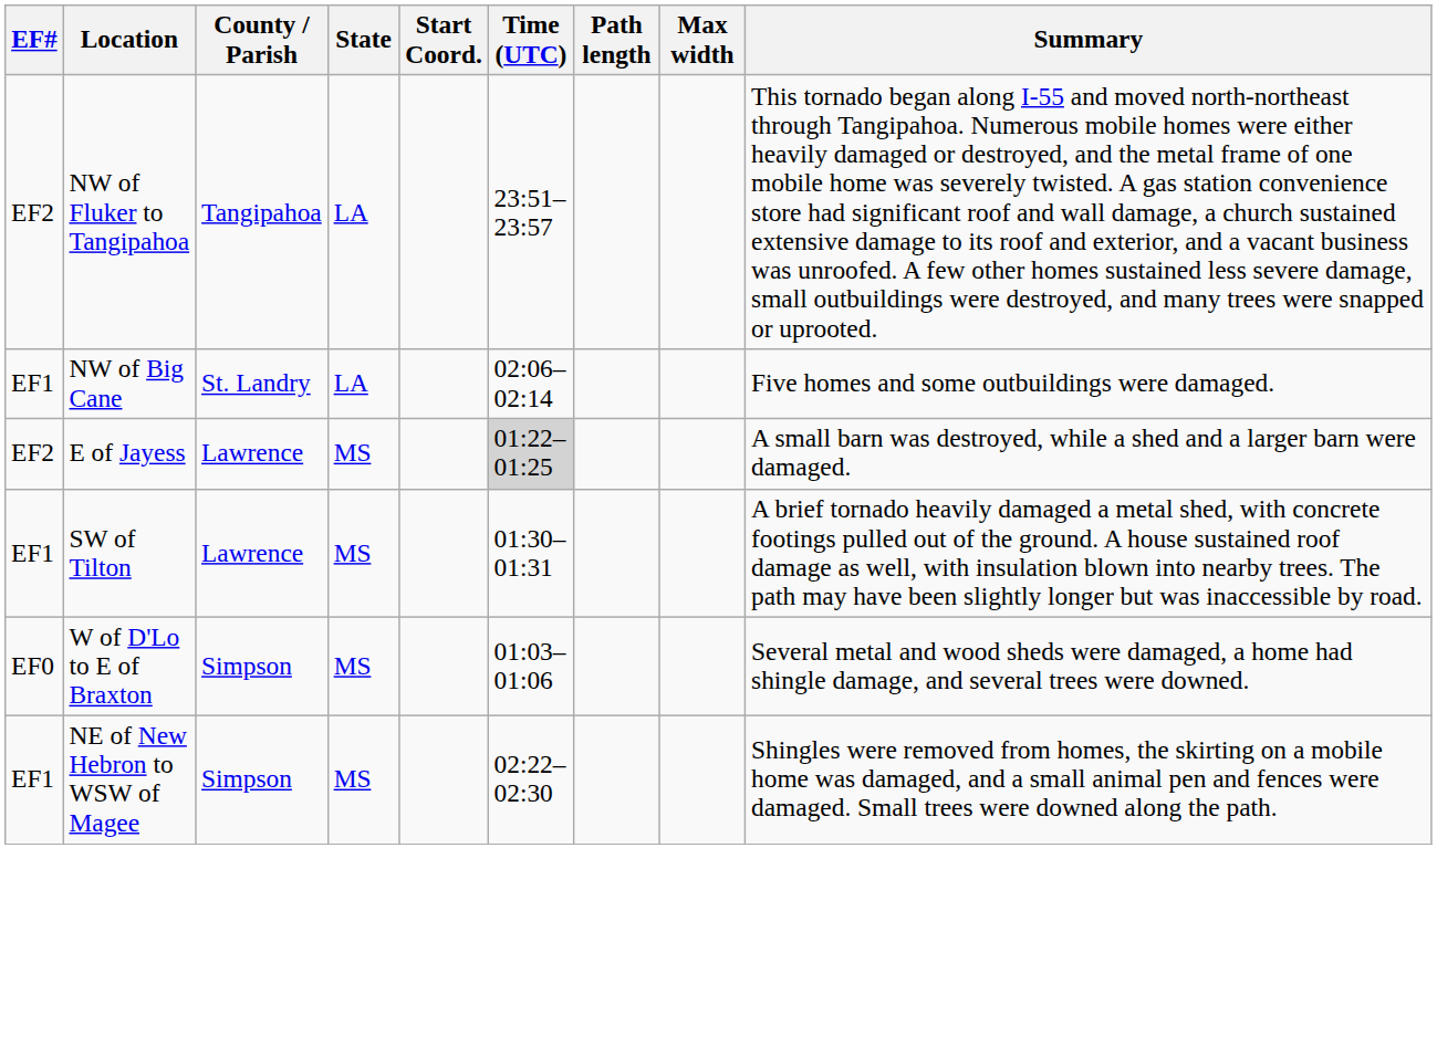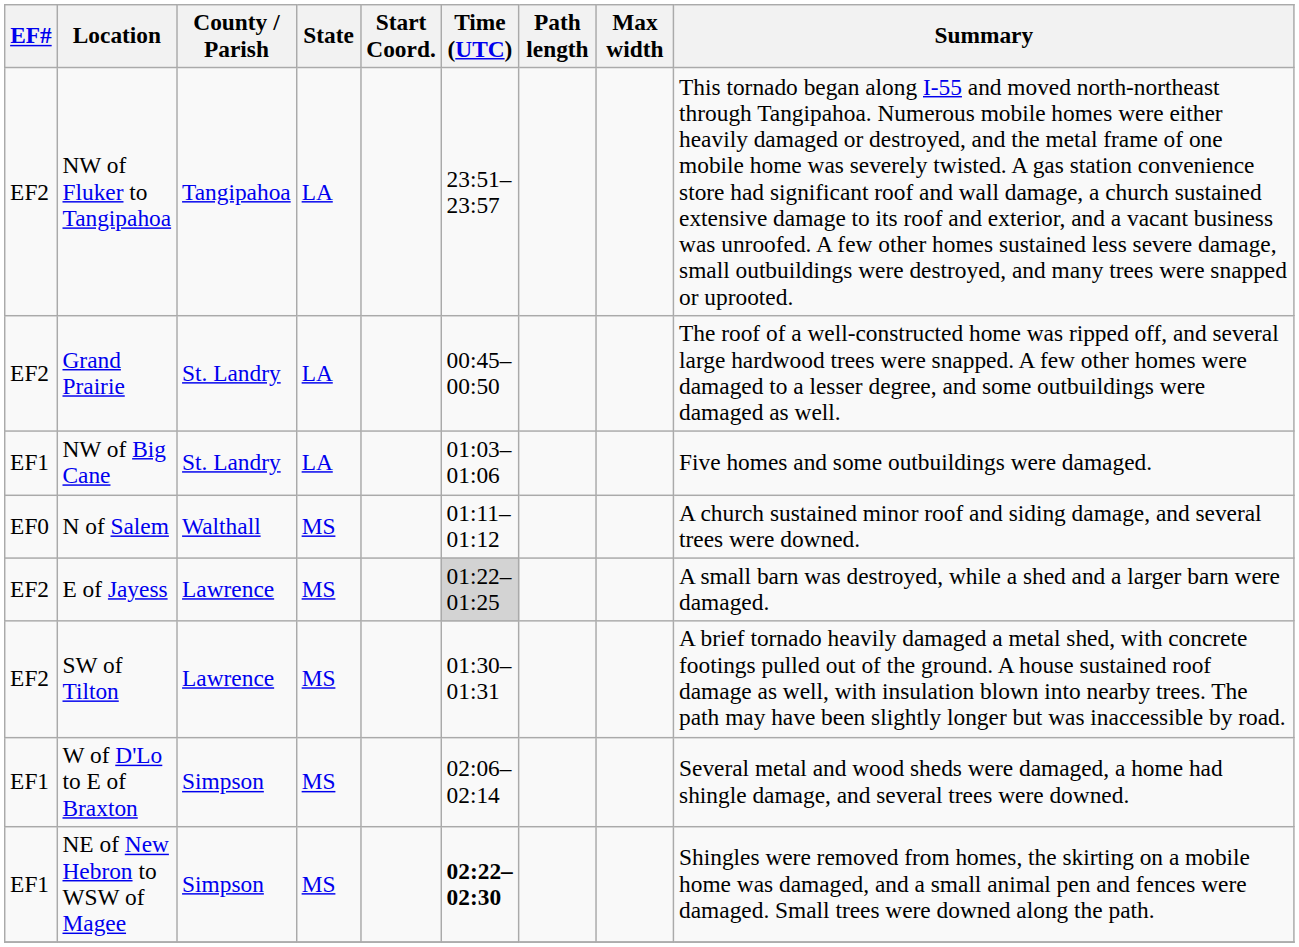 <table class="wikitable sortable" style="width:100%;">
 <tr>
 <th scope="col"  style="width:3%; text-align:center;"><a href='#'>EF#</a></th>
 <th scope="col"  style="width:7%; text-align:center;" class="unsortable">Location</th>
 <th scope="col"  style="width:6%; text-align:center;" class="unsortable">County / Parish</th>
 <th scope="col"  style="width:5%; text-align:center;">State</th>
 <th scope="col"  style="width:6%; text-align:center;">Start Coord.</th>
 <th scope="col"  style="width:6%; text-align:center;">Time (<a href='#'>UTC</a>)</th>
 <th scope="col"  style="width:6%; text-align:center;">Path length</th>
 <th scope="col"  style="width:6%; text-align:center;">Max width</th>
 <th scope="col" class="unsortable" style="width:48%; text-align:center;">Summary</th>
 </tr>
 <tr>
 <td>EF2</td>
 <td>NW of <a href='#'>Fluker</a> to <a href='#'>Tangipahoa</a></td>
 <td><a href='#'>Tangipahoa</a></td>
 <td><a href='#'>LA</a></td>
 <td></td>
 <td>23:51–23:57</td>
 <td></td>
 <td></td>
 <td>This tornado began along <a href='#'>I-55</a> and moved north-northeast through Tangipahoa. Numerous mobile homes were either heavily damaged or destroyed, and the metal frame of one mobile home was severely twisted. A gas station convenience store had significant roof and wall damage, a church sustained extensive damage to its roof and exterior, and a vacant business was unroofed. A few other homes sustained less severe damage, small outbuildings were destroyed, and many trees were snapped or uprooted.</td>
 </tr>
 <tr>
+<td>EF2</td>
+<td><a href='#'>Grand Prairie</a></td>
+<td><a href='#'>St. Landry</a></td>
+<td><a href='#'>LA</a></td>
+<td></td>
+<td>00:45–00:50</td>
+<td></td>
+<td></td>
+<td>The roof of a well-constructed home was ripped off, and several large hardwood trees were snapped. A few other homes were damaged to a lesser degree, and some outbuildings were damaged as well.</td>
+</tr>
+<tr>
 <td>EF1</td>
 <td>NW of <a href='#'>Big Cane</a></td>
 <td><a href='#'>St. Landry</a></td>
 <td><a href='#'>LA</a></td>
 <td></td>
-<td>02:06–02:14</td>
+<td>01:03–01:06</td>
 <td></td>
 <td></td>
 <td>Five homes and some outbuildings were damaged.</td>
+</tr>
+<tr>
+<td>EF0</td>
+<td>N of <a href='#'>Salem</a></td>
+<td><a href='#'>Walthall</a></td>
+<td><a href='#'>MS</a></td>
+<td></td>
+<td>01:11–01:12</td>
+<td></td>
+<td></td>
+<td>A church sustained minor roof and siding damage, and several trees were downed.</td>
 </tr>
 <tr>
 <td>EF2</td>
 <td>E of <a href='#'>Jayess</a></td>
 <td><a href='#'>Lawrence</a></td>
 <td><a href='#'>MS</a></td>
 <td></td>
 <td style="background: lightgrey;">01:22–01:25</td>
 <td></td>
 <td></td>
 <td>A small barn was destroyed, while a shed and a larger barn were damaged.</td>
 </tr>
 <tr>
-<td>EF1</td>
+<td>EF2</td>
 <td>SW of <a href='#'>Tilton</a></td>
 <td><a href='#'>Lawrence</a></td>
 <td><a href='#'>MS</a></td>
 <td></td>
 <td>01:30–01:31</td>
 <td></td>
 <td></td>
 <td>A brief tornado heavily damaged a metal shed, with concrete footings pulled out of the ground. A house sustained roof damage as well, with insulation blown into nearby trees. The path may have been slightly longer but was inaccessible by road.</td>
 </tr>
 <tr>
-<td>EF0</td>
+<td>EF1</td>
 <td>W of <a href='#'>D'Lo</a> to E of <a href='#'>Braxton</a></td>
 <td><a href='#'>Simpson</a></td>
 <td><a href='#'>MS</a></td>
 <td></td>
-<td>01:03–01:06</td>
+<td>02:06–02:14</td>
 <td></td>
 <td></td>
 <td>Several metal and wood sheds were damaged, a home had shingle damage, and several trees were downed.</td>
 </tr>
 <tr>
 <td>EF1</td>
 <td>NE of <a href='#'>New Hebron</a> to WSW of <a href='#'>Magee</a></td>
 <td><a href='#'>Simpson</a></td>
 <td><a href='#'>MS</a></td>
 <td></td>
-<td>02:22–02:30</td>
+<td><strong>02:22–02:30</strong></td>
 <td></td>
 <td></td>
 <td>Shingles were removed from homes, the skirting on a mobile home was damaged, and a small animal pen and fences were damaged. Small trees were downed along the path.</td>
 </tr>
 <tr>
 </tr>
 </table>
